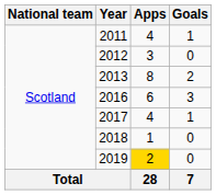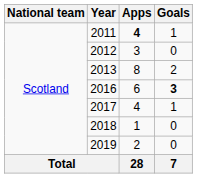 <table class=wikitable style="text-align:center">
 <tr>
 <th>National team</th>
 <th>Year</th>
 <th>Apps</th>
 <th>Goals</th>
 </tr>
 <tr>
 <td rowspan=7><a href='#'>Scotland</a></td>
 <td>2011</td>
-<td>4</td>
+<td><strong>4</strong></td>
 <td>1</td>
 </tr>
 <tr>
 <td>2012</td>
 <td>3</td>
 <td>0</td>
 </tr>
 <tr>
 <td>2013</td>
 <td>8</td>
 <td>2</td>
 </tr>
 <tr>
 <td>2016</td>
 <td>6</td>
-<td>3</td>
+<td><strong>3</strong></td>
 </tr>
 <tr>
 <td>2017</td>
 <td>4</td>
 <td>1</td>
 </tr>
 <tr>
 <td>2018</td>
 <td>1</td>
 <td>0</td>
 </tr>
 <tr>
 <td>2019</td>
-<td style="background: gold;">2</td>
+<td>2</td>
 <td>0</td>
 </tr>
 <tr>
 <th colspan=2>Total</th>
 <th>28</th>
 <th>7</th>
 </tr>
 </table>
